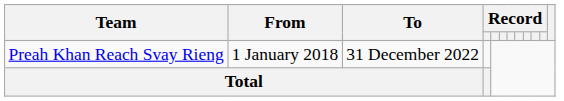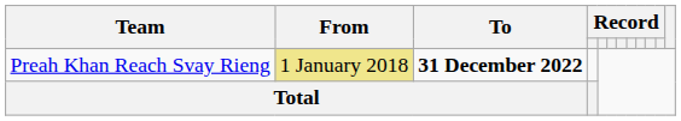 <table class="wikitable" style="text-align: center;">
 <tr>
 <th rowspan="2">Team</th>
 <th rowspan="2">From</th>
 <th rowspan="2">To</th>
 <th colspan="8">Record</th>
 <th rowspan="2"></th>
 </tr>
 <tr>
 <th></th>
 <th></th>
 <th></th>
 <th></th>
 <th></th>
 <th></th>
 <th></th>
 <th></th>
 </tr>
 <tr>
 <td><a href='#'>Preah Khan Reach Svay Rieng</a></td>
-<td>1 January 2018</td>
-<td>31 December 2022<br></td>
+<td style="background: khaki;">1 January 2018</td>
+<td><strong>31 December 2022<br></strong></td>
 <td></td>
 </tr>
 <tr>
 <th colspan="3">Total<br></th>
 <th></th>
 </tr>
 </table>
